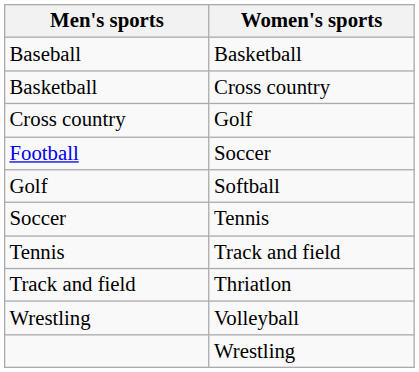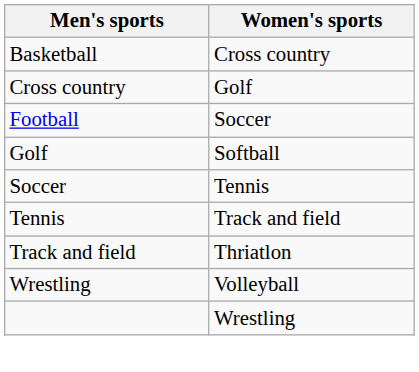 <table class="wikitable"; style= "text-align: ">
 <tr>
 <th width=150px>Men's sports</th>
 <th width=150px>Women's sports</th>
-</tr>
-<tr>
-<td>Baseball</td>
-<td>Basketball</td>
 </tr>
 <tr>
 <td>Basketball</td>
 <td>Cross country</td>
 </tr>
 <tr>
 <td>Cross country</td>
 <td>Golf</td>
 </tr>
 <tr>
 <td><a href='#'>Football</a></td>
 <td>Soccer</td>
 </tr>
 <tr>
 <td>Golf</td>
 <td>Softball</td>
 </tr>
 <tr>
 <td>Soccer</td>
 <td>Tennis</td>
 </tr>
 <tr>
 <td>Tennis</td>
 <td>Track and field</td>
 </tr>
 <tr>
 <td>Track and field</td>
 <td>Thriatlon</td>
 </tr>
 <tr>
 <td>Wrestling</td>
 <td>Volleyball</td>
 </tr>
 <tr>
 <td></td>
 <td>Wrestling</td>
 </tr>
 </table>
